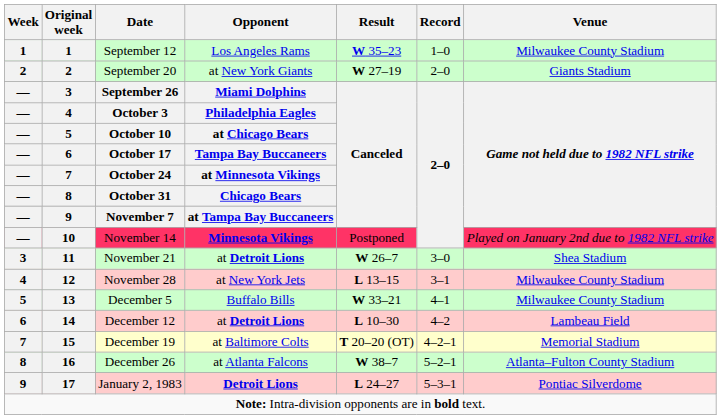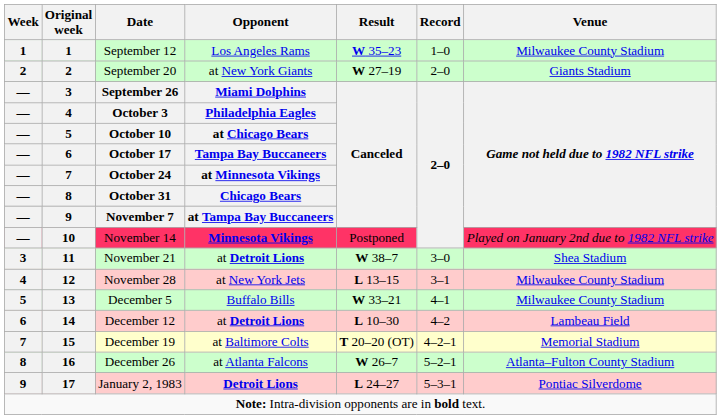 <table class="wikitable" style="text-align:center">
 <tr>
 <th>Week</th>
 <th>Original<br>week</th>
 <th>Date</th>
 <th>Opponent</th>
 <th>Result</th>
 <th>Record</th>
 <th>Venue</th>
 </tr>
 <tr style="background:#cfc">
 <th>1</th>
 <th>1</th>
 <td>September 12</td>
 <td><a href='#'>Los Angeles Rams</a></td>
 <td><a href='#'><strong>W</strong> 35–23</a></td>
 <td>1–0</td>
 <td><a href='#'>Milwaukee County Stadium</a></td>
 </tr>
 <tr style="background:#cfc">
 <th>2</th>
 <th>2</th>
 <td>September 20</td>
 <td>at <a href='#'>New York Giants</a></td>
 <td><strong>W</strong> 27–19</td>
 <td>2–0</td>
 <td><a href='#'>Giants Stadium</a></td>
 </tr>
 <tr>
 <th>—</th>
 <th>3</th>
 <th>September 26</th>
 <th><a href='#'>Miami Dolphins</a></th>
 <th rowspan="7">Canceled</th>
 <th rowspan="8">2–0</th>
 <th rowspan="7"><em>Game not held due to <a href='#'>1982 NFL strike</a></em></th>
 </tr>
 <tr>
 <th>—</th>
 <th>4</th>
 <th>October 3</th>
 <th><a href='#'>Philadelphia Eagles</a></th>
 </tr>
 <tr>
 <th>—</th>
 <th>5</th>
 <th>October 10</th>
 <th>at <strong><a href='#'>Chicago Bears</a></strong></th>
 </tr>
 <tr>
 <th>—</th>
 <th>6</th>
 <th>October 17</th>
 <th><strong><a href='#'>Tampa Bay Buccaneers</a></strong></th>
 </tr>
 <tr>
 <th>—</th>
 <th>7</th>
 <th>October 24</th>
 <th>at <strong><a href='#'>Minnesota Vikings</a></strong></th>
 </tr>
 <tr>
 <th>—</th>
 <th>8</th>
 <th>October 31</th>
 <th><strong><a href='#'>Chicago Bears</a></strong></th>
 </tr>
 <tr style="background:#bababa">
 <th>—</th>
 <th>9</th>
 <th>November 7</th>
 <th>at <strong><a href='#'>Tampa Bay Buccaneers</a></strong></th>
 </tr>
 <tr style="background:#F36;">
 <th>—</th>
 <th>10</th>
 <td>November 14</td>
 <td><strong><a href='#'>Minnesota Vikings</a></strong></td>
 <td>Postponed</td>
 <td colspan=3align="center"><em>Played on January 2nd due to <a href='#'>1982 NFL strike</a></em></td>
 </tr>
 <tr style="background:#cfc">
 <th>3</th>
 <th>11</th>
 <td>November 21</td>
 <td>at <strong><a href='#'>Detroit Lions</a></strong></td>
-<td><strong>W</strong> 26–7</td>
+<td><strong>W</strong> 38–7</td>
 <td>3–0</td>
 <td><a href='#'>Shea Stadium</a></td>
 </tr>
 <tr style="background:#fcc">
 <th>4</th>
 <th>12</th>
 <td>November 28</td>
 <td>at <a href='#'>New York Jets</a></td>
 <td><strong>L</strong> 13–15</td>
 <td>3–1</td>
 <td><a href='#'>Milwaukee County Stadium</a></td>
 </tr>
 <tr style="background:#cfc">
 <th>5</th>
 <th>13</th>
 <td>December 5</td>
 <td><a href='#'>Buffalo Bills</a></td>
 <td><strong>W</strong> 33–21</td>
 <td>4–1</td>
 <td><a href='#'>Milwaukee County Stadium</a></td>
 </tr>
 <tr style="background:#fcc">
 <th>6</th>
 <th>14</th>
 <td>December 12</td>
 <td>at <strong><a href='#'>Detroit Lions</a></strong></td>
 <td><strong>L</strong> 10–30</td>
 <td>4–2</td>
 <td><a href='#'>Lambeau Field</a></td>
 </tr>
 <tr style="background:#ffc">
 <th>7</th>
 <th>15</th>
 <td>December 19</td>
 <td>at <a href='#'>Baltimore Colts</a></td>
 <td><strong>T</strong> 20–20 (OT)</td>
 <td>4–2–1</td>
 <td><a href='#'>Memorial Stadium</a></td>
 </tr>
 <tr style="background:#cfc">
 <th>8</th>
 <th>16</th>
 <td>December 26</td>
 <td>at <a href='#'>Atlanta Falcons</a></td>
-<td><strong>W</strong> 38–7</td>
+<td><strong>W</strong> 26–7</td>
 <td>5–2–1</td>
 <td><a href='#'>Atlanta–Fulton County Stadium</a></td>
 </tr>
 <tr style="background:#fcc">
 <th>9</th>
 <th>17</th>
 <td>January 2, 1983</td>
 <td><strong><a href='#'>Detroit Lions</a></strong></td>
 <td><strong>L</strong> 24–27</td>
 <td>5–3–1</td>
 <td><a href='#'>Pontiac Silverdome</a></td>
 </tr>
 <tr>
 <td colspan="7"><strong>Note:</strong> Intra-division opponents are in <strong>bold</strong> text.</td>
 </tr>
 </table>
